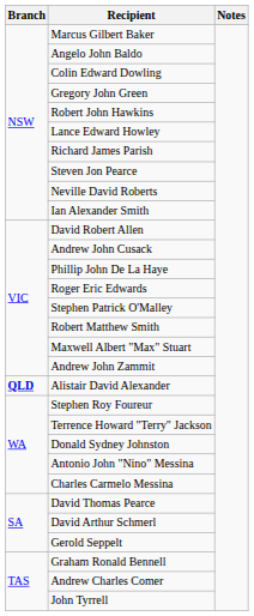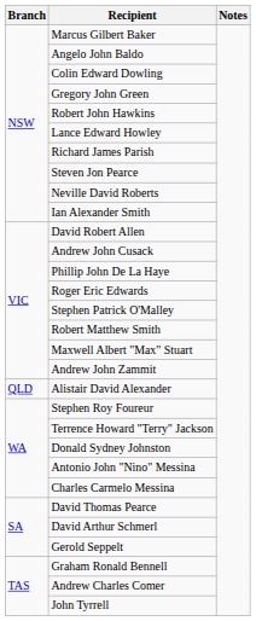 <table class="wikitable" style="font-size:95%;">
 <tr>
 <th>Branch</th>
 <th>Recipient</th>
 <th>Notes</th>
 </tr>
 <tr>
 <td rowspan=10><a href='#'>NSW</a></td>
 <td>Marcus Gilbert Baker</td>
 <td rowspan=30></td>
 </tr>
 <tr>
 <td>Angelo John Baldo</td>
 </tr>
 <tr>
 <td>Colin Edward Dowling</td>
 </tr>
 <tr>
 <td>Gregory John Green</td>
 </tr>
 <tr>
 <td>Robert John Hawkins</td>
 </tr>
 <tr>
 <td>Lance Edward Howley</td>
 </tr>
 <tr>
 <td>Richard James Parish</td>
 </tr>
 <tr>
 <td>Steven Jon Pearce</td>
 </tr>
 <tr>
 <td>Neville David Roberts</td>
 </tr>
 <tr>
 <td>Ian Alexander Smith</td>
 </tr>
 <tr>
 <td rowspan=8><a href='#'>VIC</a></td>
 <td>David Robert Allen</td>
 </tr>
 <tr>
 <td>Andrew John Cusack</td>
 </tr>
 <tr>
 <td>Phillip John De La Haye</td>
 </tr>
 <tr>
 <td>Roger Eric Edwards</td>
 </tr>
 <tr>
 <td>Stephen Patrick O'Malley</td>
 </tr>
 <tr>
 <td>Robert Matthew Smith</td>
 </tr>
 <tr>
 <td>Maxwell Albert "Max" Stuart</td>
 </tr>
 <tr>
 <td>Andrew John Zammit</td>
 </tr>
 <tr>
-<td><strong><a href='#'>QLD</a></strong></td>
+<td><a href='#'>QLD</a></td>
 <td>Alistair David Alexander</td>
 </tr>
 <tr>
 <td rowspan=5><a href='#'>WA</a></td>
 <td>Stephen Roy Foureur</td>
 </tr>
 <tr>
 <td>Terrence Howard "Terry" Jackson</td>
 </tr>
 <tr>
 <td>Donald Sydney Johnston</td>
 </tr>
 <tr>
 <td>Antonio John "Nino" Messina</td>
 </tr>
 <tr>
 <td>Charles Carmelo Messina</td>
 </tr>
 <tr>
 <td rowspan=3><a href='#'>SA</a></td>
 <td>David Thomas Pearce</td>
 </tr>
 <tr>
 <td>David Arthur Schmerl</td>
 </tr>
 <tr>
 <td>Gerold Seppelt</td>
 </tr>
 <tr>
 <td rowspan=3><a href='#'>TAS</a></td>
 <td>Graham Ronald Bennell</td>
 </tr>
 <tr>
 <td>Andrew Charles Comer</td>
 </tr>
 <tr>
 <td>John Tyrrell</td>
 </tr>
 </table>
